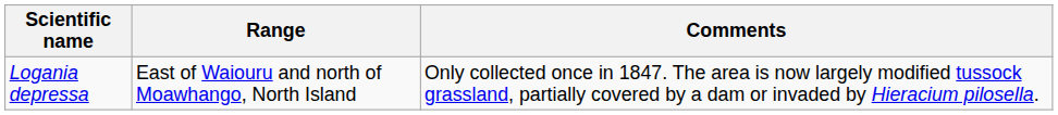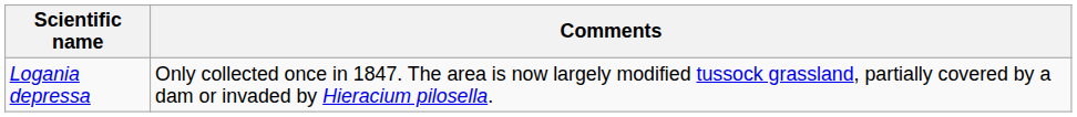 <table class="wikitable">
 <tr>
 <th>Scientific name</th>
-<th>Range</th>
 <th class="unsortable">Comments</th>
 </tr>
 <tr>
 <td><em><a href='#'>Logania depressa</a></em></td>
-<td>East of <a href='#'>Waiouru</a> and north of <a href='#'>Moawhango</a>, North Island</td>
 <td>Only collected once in 1847. The area is now largely modified <a href='#'>tussock grassland</a>, partially covered by a dam or invaded by <em><a href='#'>Hieracium pilosella</a></em>.</td>
 </tr>
 </table>
